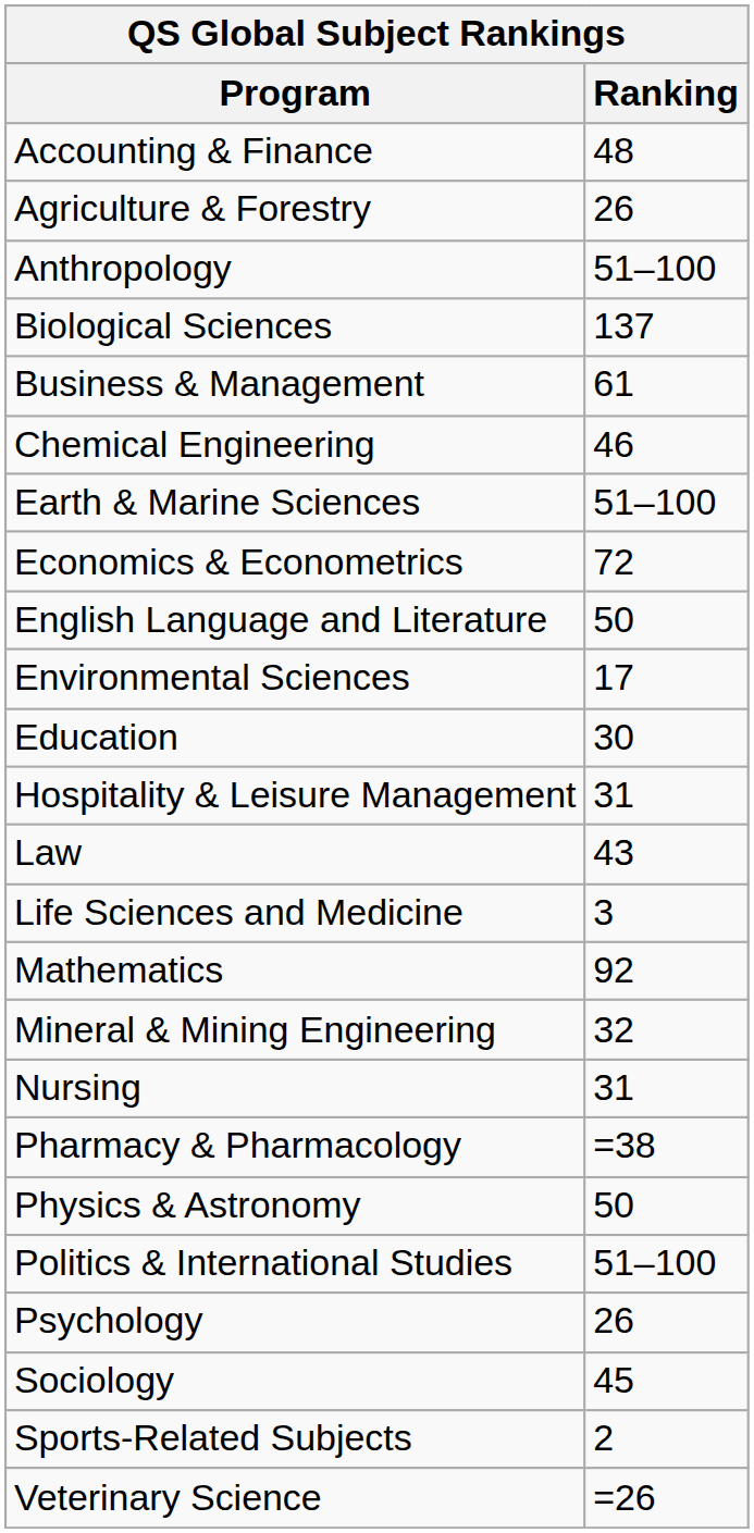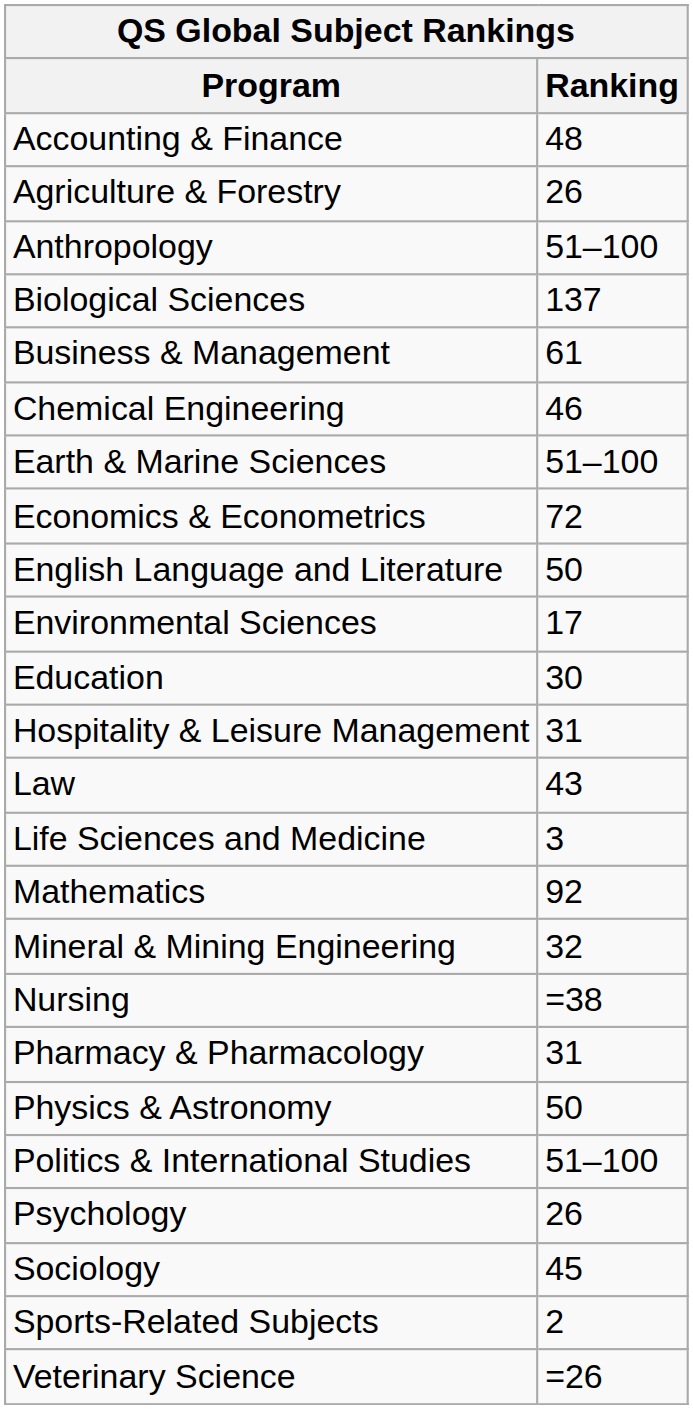 <table class="wikitable collapsible collapsed floatright" "text-align:center">
 <tr>
 <th colspan="2">QS Global Subject Rankings</th>
 </tr>
 <tr>
 <th>Program</th>
 <th>Ranking</th>
 </tr>
 <tr>
 <td>Accounting & Finance</td>
 <td>48</td>
 </tr>
 <tr>
 <td>Agriculture & Forestry</td>
 <td>26</td>
 </tr>
 <tr>
 <td>Anthropology</td>
 <td>51–100</td>
 </tr>
 <tr>
 <td>Biological Sciences</td>
 <td>137</td>
 </tr>
 <tr>
 <td>Business & Management</td>
 <td>61</td>
 </tr>
 <tr>
 <td>Chemical Engineering</td>
 <td>46</td>
 </tr>
 <tr>
 <td>Earth & Marine Sciences</td>
 <td>51–100</td>
 </tr>
 <tr>
 <td>Economics & Econometrics</td>
 <td>72</td>
 </tr>
 <tr>
 <td>English Language and Literature</td>
 <td>50</td>
 </tr>
 <tr>
 <td>Environmental Sciences</td>
 <td>17</td>
 </tr>
 <tr>
 <td>Education</td>
 <td>30</td>
 </tr>
 <tr>
 <td>Hospitality & Leisure Management</td>
 <td>31</td>
 </tr>
 <tr>
 <td>Law</td>
 <td>43</td>
 </tr>
 <tr>
 <td>Life Sciences and Medicine</td>
 <td>3</td>
 </tr>
 <tr>
 <td>Mathematics</td>
 <td>92</td>
 </tr>
 <tr>
 <td>Mineral & Mining Engineering</td>
 <td>32</td>
 </tr>
 <tr>
 <td>Nursing</td>
-<td>31</td>
+<td>=38</td>
 </tr>
 <tr>
 <td>Pharmacy & Pharmacology</td>
-<td>=38</td>
+<td>31</td>
 </tr>
 <tr>
 <td>Physics & Astronomy</td>
 <td>50</td>
 </tr>
 <tr>
 <td>Politics & International Studies</td>
 <td>51–100</td>
 </tr>
 <tr>
 <td>Psychology</td>
 <td>26</td>
 </tr>
 <tr>
 <td>Sociology</td>
 <td>45</td>
 </tr>
 <tr>
 <td>Sports-Related Subjects</td>
 <td>2</td>
 </tr>
 <tr>
 <td>Veterinary Science</td>
 <td>=26</td>
 </tr>
 </table>
